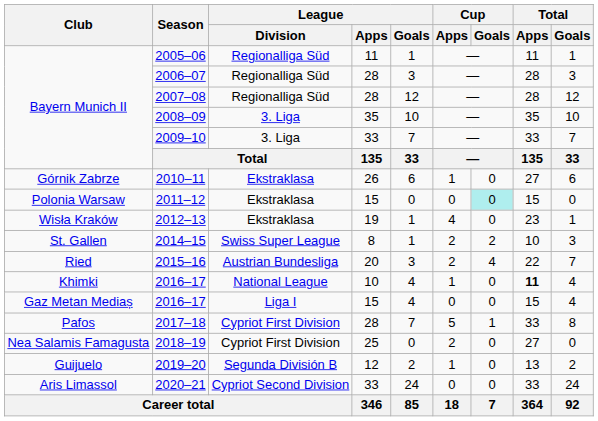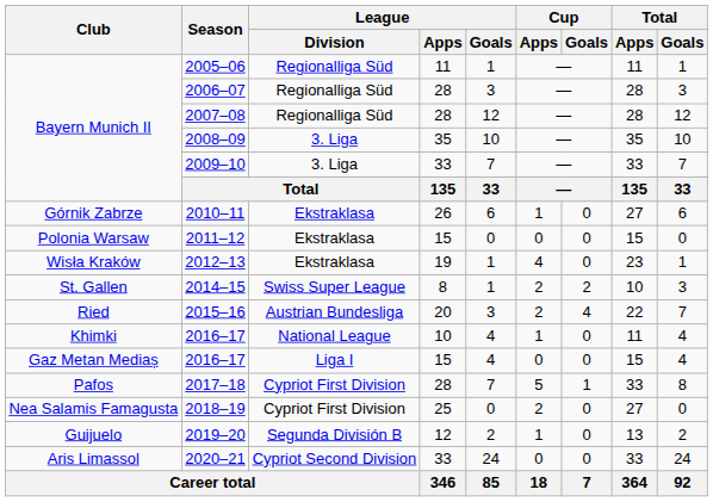 <table class="wikitable" style="text-align:center">
 <tr>
 <th rowspan="2">Club</th>
 <th rowspan="2">Season</th>
 <th colspan="3">League</th>
 <th colspan="2">Cup</th>
 <th colspan="2">Total</th>
 </tr>
 <tr>
 <th>Division</th>
 <th>Apps</th>
 <th>Goals</th>
 <th>Apps</th>
 <th>Goals</th>
 <th>Apps</th>
 <th>Goals</th>
 </tr>
 <tr>
 <td rowspan="6"><a href='#'>Bayern Munich II</a></td>
 <td><a href='#'>2005–06</a></td>
 <td><a href='#'>Regionalliga Süd</a></td>
 <td>11</td>
 <td>1</td>
 <td colspan="2">—</td>
 <td>11</td>
 <td>1</td>
 </tr>
 <tr>
 <td><a href='#'>2006–07</a></td>
 <td>Regionalliga Süd</td>
 <td>28</td>
 <td>3</td>
 <td colspan="2">—</td>
 <td>28</td>
 <td>3</td>
 </tr>
 <tr>
 <td><a href='#'>2007–08</a></td>
 <td>Regionalliga Süd</td>
 <td>28</td>
 <td>12</td>
 <td colspan="2">—</td>
 <td>28</td>
 <td>12</td>
 </tr>
 <tr>
 <td><a href='#'>2008–09</a></td>
 <td><a href='#'>3. Liga</a></td>
 <td>35</td>
 <td>10</td>
 <td colspan="2">—</td>
 <td>35</td>
 <td>10</td>
 </tr>
 <tr>
 <td><a href='#'>2009–10</a></td>
 <td>3. Liga</td>
 <td>33</td>
 <td>7</td>
 <td colspan="2">—</td>
 <td>33</td>
 <td>7</td>
 </tr>
 <tr>
 <th colspan="2">Total</th>
 <th>135</th>
 <th>33</th>
 <th colspan="2">—</th>
 <th>135</th>
 <th>33</th>
 </tr>
 <tr>
 <td><a href='#'>Górnik Zabrze</a></td>
 <td><a href='#'>2010–11</a></td>
 <td><a href='#'>Ekstraklasa</a></td>
 <td>26</td>
 <td>6</td>
 <td>1</td>
 <td>0</td>
 <td>27</td>
 <td>6</td>
 </tr>
 <tr>
 <td><a href='#'>Polonia Warsaw</a></td>
 <td><a href='#'>2011–12</a></td>
 <td>Ekstraklasa</td>
 <td>15</td>
 <td>0</td>
 <td>0</td>
-<td style="background: paleturquoise;">0</td>
+<td>0</td>
 <td>15</td>
 <td>0</td>
 </tr>
 <tr>
 <td><a href='#'>Wisła Kraków</a></td>
 <td><a href='#'>2012–13</a></td>
 <td>Ekstraklasa</td>
 <td>19</td>
 <td>1</td>
 <td>4</td>
 <td>0</td>
 <td>23</td>
 <td>1</td>
 </tr>
 <tr>
 <td><a href='#'>St. Gallen</a></td>
 <td><a href='#'>2014–15</a></td>
 <td><a href='#'>Swiss Super League</a></td>
 <td>8</td>
 <td>1</td>
 <td>2</td>
 <td>2</td>
 <td>10</td>
 <td>3</td>
 </tr>
 <tr>
 <td><a href='#'>Ried</a></td>
 <td><a href='#'>2015–16</a></td>
 <td><a href='#'>Austrian Bundesliga</a></td>
 <td>20</td>
 <td>3</td>
 <td>2</td>
 <td>4</td>
 <td>22</td>
 <td>7</td>
 </tr>
 <tr>
 <td><a href='#'>Khimki</a></td>
 <td><a href='#'>2016–17</a></td>
 <td><a href='#'>National League</a></td>
 <td>10</td>
 <td>4</td>
 <td>1</td>
 <td>0</td>
-<td><strong>11</strong></td>
+<td>11</td>
 <td>4</td>
 </tr>
 <tr>
 <td><a href='#'>Gaz Metan Mediaș</a></td>
 <td><a href='#'>2016–17</a></td>
 <td><a href='#'>Liga I</a></td>
 <td>15</td>
 <td>4</td>
 <td>0</td>
 <td>0</td>
 <td>15</td>
 <td>4</td>
 </tr>
 <tr>
 <td><a href='#'>Pafos</a></td>
 <td><a href='#'>2017–18</a></td>
 <td><a href='#'>Cypriot First Division</a></td>
 <td>28</td>
 <td>7</td>
 <td>5</td>
 <td>1</td>
 <td>33</td>
 <td>8</td>
 </tr>
 <tr>
 <td><a href='#'>Nea Salamis Famagusta</a></td>
 <td><a href='#'>2018–19</a></td>
 <td>Cypriot First Division</td>
 <td>25</td>
 <td>0</td>
 <td>2</td>
 <td>0</td>
 <td>27</td>
 <td>0</td>
 </tr>
 <tr>
 <td><a href='#'>Guijuelo</a></td>
 <td><a href='#'>2019–20</a></td>
 <td><a href='#'>Segunda División B</a></td>
 <td>12</td>
 <td>2</td>
 <td>1</td>
 <td>0</td>
 <td>13</td>
 <td>2</td>
 </tr>
 <tr>
 <td><a href='#'>Aris Limassol</a></td>
 <td><a href='#'>2020–21</a></td>
 <td><a href='#'>Cypriot Second Division</a></td>
 <td>33</td>
 <td>24</td>
 <td>0</td>
 <td>0</td>
 <td>33</td>
 <td>24</td>
 </tr>
 <tr>
 <th colspan="3">Career total</th>
 <th>346</th>
 <th>85</th>
 <th>18</th>
 <th>7</th>
 <th>364</th>
 <th>92</th>
 </tr>
 </table>
